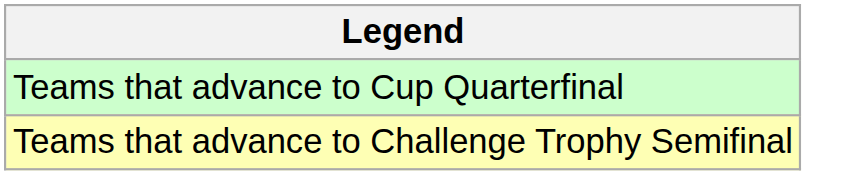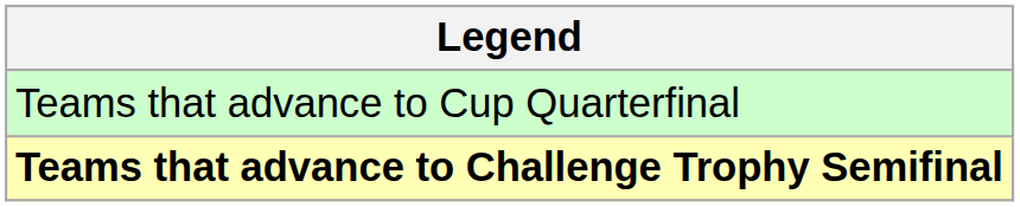 <table class="wikitable" style="text-align: center;">
 <tr>
 <th colspan=2>Legend</th>
 </tr>
 <tr bgcolor=ccffcc>
 <td align=left>Teams that advance to Cup Quarterfinal</td>
 </tr>
 <tr bgcolor=feffb4>
-<td align=left>Teams that advance to Challenge Trophy Semifinal</td>
+<td align=left><strong>Teams that advance to Challenge Trophy Semifinal</strong></td>
 </tr>
 </table>
